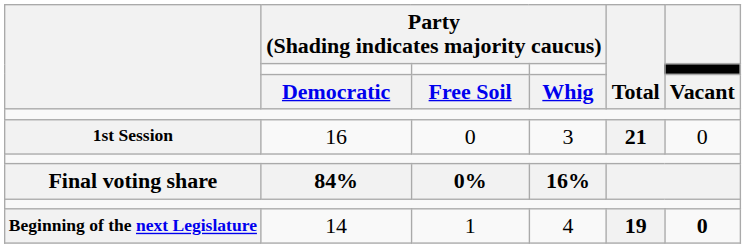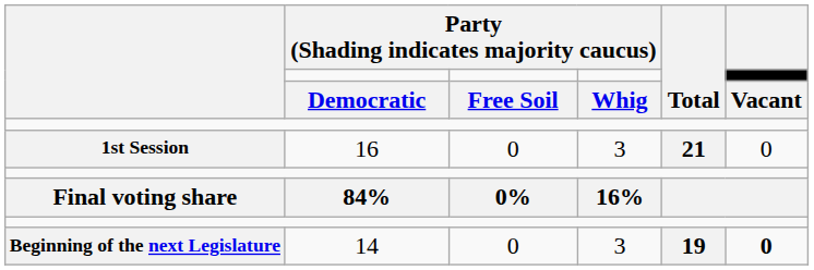 <table class=wikitable style="text-align:center">
 <tr style="vertical-align:bottom;">
 <th rowspan=3></th>
 <th colspan=3>Party <div>(Shading indicates majority caucus)</div></th>
 <th rowspan=3>Total</th>
 <th></th>
 </tr>
 <tr style="height:5px">
 <td style="background-color:"></td>
 <td style="background-color:"></td>
 <td style="background-color:"></td>
 <td style="background:black;"></td>
 </tr>
 <tr>
 <th><a href='#'>Democratic</a></th>
 <th><a href='#'>Free Soil</a></th>
 <th><a href='#'>Whig</a></th>
 <th>Vacant</th>
 </tr>
 <tr>
 <td colspan=6></td>
 </tr>
 <tr>
 <th style="font-size:80%;">1st Session</th>
 <td>16</td>
 <td>0</td>
 <td>3</td>
 <th>21</th>
 <td>0</td>
 </tr>
 <tr>
 <td colspan=6></td>
 </tr>
 <tr>
 <th>Final voting share</th>
 <th>84%</th>
 <th>0%</th>
 <th>16%</th>
 <th colspan=2></th>
 </tr>
 <tr>
 <td colspan=6></td>
 </tr>
 <tr>
 <th style="font-size:80%;">Beginning of the <a href='#'>next Legislature</a></th>
 <td>14</td>
-<td>1</td>
-<td>4</td>
+<td>0</td>
+<td>3</td>
 <th>19</th>
 <td><strong>0</strong></td>
 </tr>
 </table>
